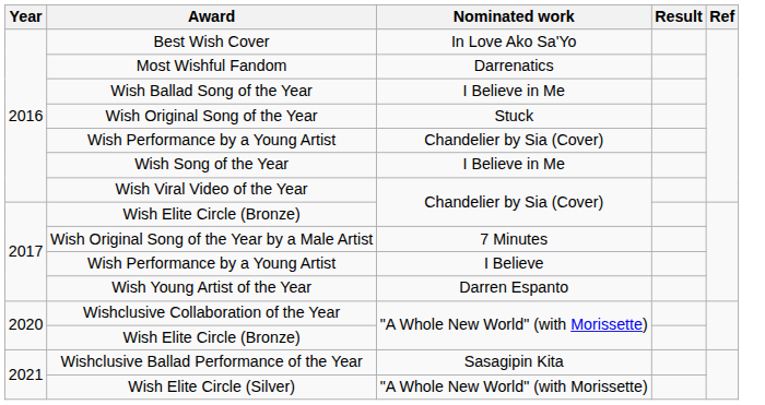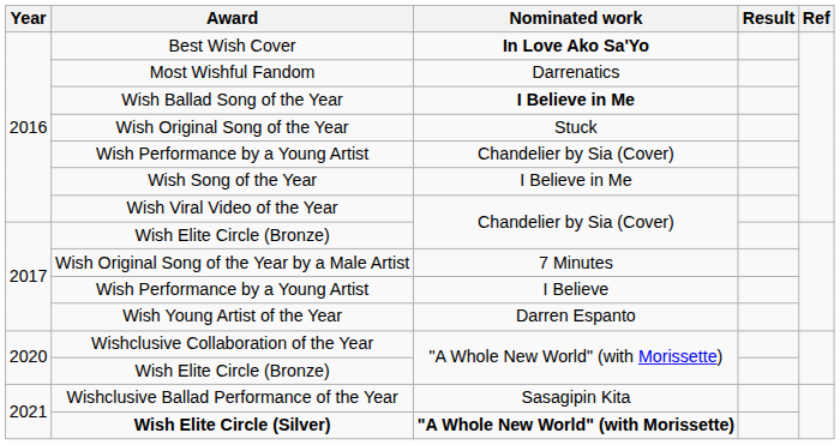 <table class="wikitable sortable" style=text-align:center>
 <tr>
 <th>Year</th>
 <th>Award</th>
 <th>Nominated work</th>
 <th>Result</th>
 <th>Ref</th>
 </tr>
 <tr>
 <td rowspan="7">2016</td>
 <td>Best Wish Cover</td>
-<td>In Love Ako Sa'Yo</td>
+<td><strong>In Love Ako Sa'Yo</strong></td>
 <td></td>
 <td rowspan="7"></td>
 </tr>
 <tr>
 <td>Most Wishful Fandom</td>
 <td>Darrenatics</td>
 <td></td>
 </tr>
 <tr>
 <td>Wish Ballad Song of the Year</td>
-<td>I Believe in Me</td>
+<td><strong>I Believe in Me</strong></td>
 <td></td>
 </tr>
 <tr>
 <td>Wish Original Song of the Year</td>
 <td>Stuck</td>
 <td></td>
 </tr>
 <tr>
 <td>Wish Performance by a Young Artist</td>
 <td>Chandelier by Sia (Cover)</td>
 <td></td>
 </tr>
 <tr>
 <td>Wish Song of the Year</td>
 <td>I Believe in Me</td>
 <td></td>
 </tr>
 <tr>
 <td>Wish Viral Video of the Year</td>
 <td rowspan="2">Chandelier by Sia (Cover)</td>
 <td></td>
 </tr>
 <tr>
 <td rowspan="4">2017</td>
 <td>Wish Elite Circle (Bronze)</td>
 <td></td>
 <td rowspan="4"></td>
 </tr>
 <tr>
 <td>Wish Original Song of the Year by a Male Artist</td>
 <td>7 Minutes</td>
 <td></td>
 </tr>
 <tr>
 <td>Wish Performance by a Young Artist</td>
 <td>I Believe</td>
 <td></td>
 </tr>
 <tr>
 <td>Wish Young Artist of the Year</td>
 <td>Darren Espanto</td>
 <td></td>
 </tr>
 <tr>
 <td rowspan="2">2020</td>
 <td>Wishclusive Collaboration of the Year</td>
 <td rowspan="2">"A Whole New World" (with <a href='#'>Morissette</a>)</td>
 <td></td>
 <td rowspan="2"></td>
 </tr>
 <tr>
 <td>Wish Elite Circle (Bronze)</td>
 <td></td>
 </tr>
 <tr>
 <td rowspan="2">2021</td>
 <td>Wishclusive Ballad Performance of the Year</td>
 <td>Sasagipin Kita</td>
 <td></td>
 <td rowspan="2"></td>
 </tr>
 <tr>
-<td>Wish Elite Circle (Silver)</td>
-<td>"A Whole New World" (with Morissette)</td>
+<td><strong>Wish Elite Circle (Silver)</strong></td>
+<td><strong>"A Whole New World" (with Morissette)</strong></td>
 <td></td>
 </tr>
 </table>
